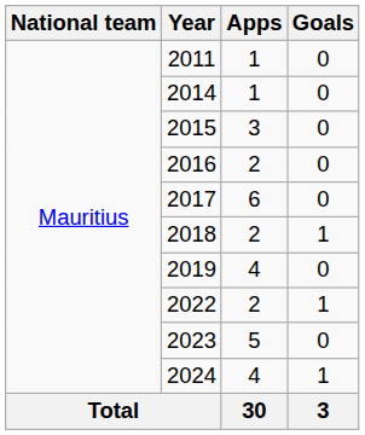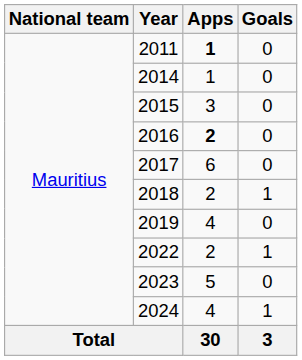 <table class="wikitable" style="text-align:center">
 <tr>
 <th>National team</th>
 <th>Year</th>
 <th>Apps</th>
 <th>Goals</th>
 </tr>
 <tr>
 <td rowspan="10"><a href='#'>Mauritius</a></td>
 <td>2011</td>
-<td>1</td>
+<td><strong>1</strong></td>
 <td>0</td>
 </tr>
 <tr>
 <td>2014</td>
 <td>1</td>
 <td>0</td>
 </tr>
 <tr>
 <td>2015</td>
 <td>3</td>
 <td>0</td>
 </tr>
 <tr>
 <td>2016</td>
-<td>2</td>
+<td><strong>2</strong></td>
 <td>0</td>
 </tr>
 <tr>
 <td>2017</td>
 <td>6</td>
 <td>0</td>
 </tr>
 <tr>
 <td>2018</td>
 <td>2</td>
 <td>1</td>
 </tr>
 <tr>
 <td>2019</td>
 <td>4</td>
 <td>0</td>
 </tr>
 <tr>
 <td>2022</td>
 <td>2</td>
 <td>1</td>
 </tr>
 <tr>
 <td>2023</td>
 <td>5</td>
 <td>0</td>
 </tr>
 <tr>
 <td>2024</td>
 <td>4</td>
 <td>1</td>
 </tr>
 <tr>
 <th colspan="2">Total</th>
 <th>30</th>
 <th>3</th>
 </tr>
 </table>
